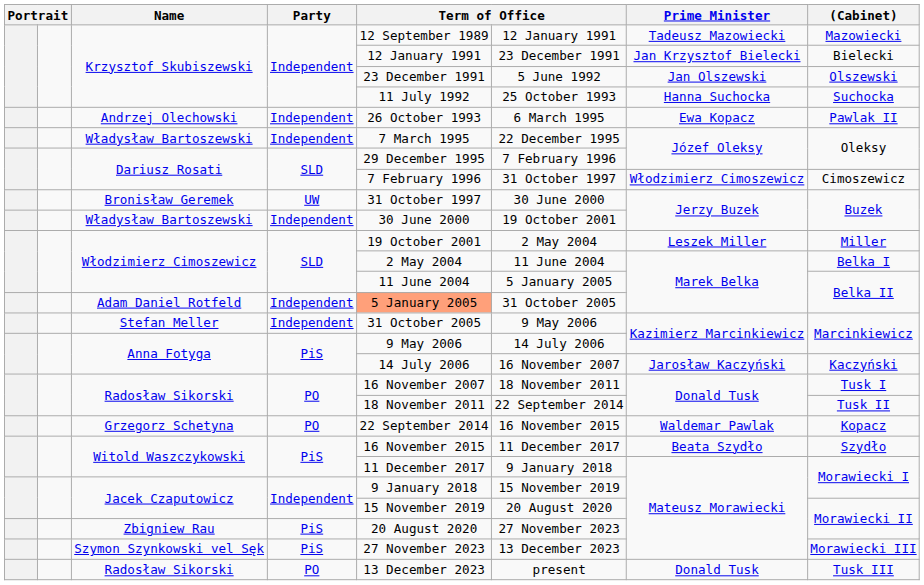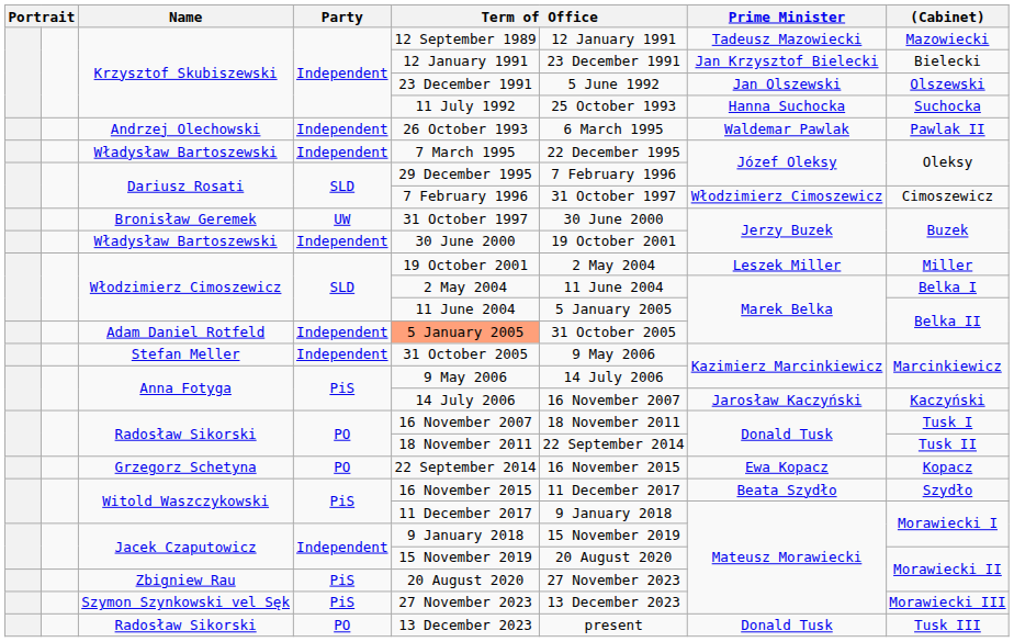 <table class="wikitable" style="text-align:center;">
 <tr>
 <th colspan=2>Portrait</th>
 <th>Name<br></th>
 <th>Party</th>
 <th colspan=2>Term of Office</th>
 <th><a href='#'>Prime Minister</a></th>
 <th>(Cabinet)</th>
 </tr>
 <tr>
 <th rowspan=4 style="background:"></th>
 <td rowspan=4></td>
 <td rowspan=4><a href='#'>Krzysztof Skubiszewski</a><br></td>
 <td rowspan=4><a href='#'>Independent</a></td>
 <td>12 September 1989</td>
 <td>12 January 1991</td>
 <td><a href='#'>Tadeusz Mazowiecki</a></td>
 <td><a href='#'>Mazowiecki</a></td>
 </tr>
 <tr>
 <td>12 January 1991</td>
 <td>23 December 1991</td>
 <td><a href='#'>Jan Krzysztof Bielecki</a></td>
 <td>Bielecki</td>
 </tr>
 <tr>
 <td>23 December 1991</td>
 <td>5 June 1992</td>
 <td><a href='#'>Jan Olszewski</a></td>
 <td><a href='#'>Olszewski</a></td>
 </tr>
 <tr>
 <td>11 July 1992</td>
 <td>25 October 1993</td>
 <td><a href='#'>Hanna Suchocka</a></td>
 <td><a href='#'>Suchocka</a></td>
 </tr>
 <tr>
 <th style="background:"></th>
 <td></td>
 <td><a href='#'>Andrzej Olechowski</a><br></td>
 <td><a href='#'>Independent</a></td>
 <td>26 October 1993</td>
 <td>6 March 1995</td>
-<td><a href='#'>Ewa Kopacz</a></td>
+<td><a href='#'>Waldemar Pawlak</a></td>
 <td><a href='#'>Pawlak II</a></td>
 </tr>
 <tr>
 <th style="background:"></th>
 <td></td>
 <td><a href='#'>Władysław Bartoszewski</a><br></td>
 <td><a href='#'>Independent</a></td>
 <td>7 March 1995</td>
 <td>22 December 1995</td>
 <td rowspan=2><a href='#'>Józef Oleksy</a></td>
 <td rowspan=2>Oleksy</td>
 </tr>
 <tr>
 <th rowspan=2 style="background:"></th>
 <td rowspan=2></td>
 <td rowspan=2><a href='#'>Dariusz Rosati</a><br></td>
 <td rowspan=2><a href='#'>SLD</a></td>
 <td>29 December 1995</td>
 <td>7 February 1996</td>
 </tr>
 <tr>
 <td>7 February 1996</td>
 <td>31 October 1997</td>
 <td><a href='#'>Włodzimierz Cimoszewicz</a></td>
 <td>Cimoszewicz</td>
 </tr>
 <tr>
 <th style="background:"></th>
 <td></td>
 <td><a href='#'>Bronisław Geremek</a><br></td>
 <td><a href='#'>UW</a></td>
 <td>31 October 1997</td>
 <td>30 June 2000</td>
 <td rowspan=2><a href='#'>Jerzy Buzek</a></td>
 <td rowspan=2><a href='#'>Buzek</a></td>
 </tr>
 <tr>
 <th style="background:"></th>
 <td></td>
 <td><a href='#'>Władysław Bartoszewski</a><br></td>
 <td><a href='#'>Independent</a></td>
 <td>30 June 2000</td>
 <td>19 October 2001</td>
 </tr>
 <tr>
 <th rowspan=3 style="background:"></th>
 <td rowspan=3></td>
 <td rowspan=3><a href='#'>Włodzimierz Cimoszewicz</a><br></td>
 <td rowspan=3><a href='#'>SLD</a></td>
 <td>19 October 2001</td>
 <td>2 May 2004</td>
 <td><a href='#'>Leszek Miller</a></td>
 <td><a href='#'>Miller</a></td>
 </tr>
 <tr>
 <td>2 May 2004</td>
 <td>11 June 2004</td>
 <td rowspan=3><a href='#'>Marek Belka</a></td>
 <td><a href='#'>Belka I</a></td>
 </tr>
 <tr>
 <td>11 June 2004</td>
 <td>5 January 2005</td>
 <td rowspan=2><a href='#'>Belka II</a></td>
 </tr>
 <tr>
 <th style="background:"></th>
 <td></td>
 <td><a href='#'>Adam Daniel Rotfeld</a><br></td>
 <td><a href='#'>Independent</a></td>
 <td style="background: lightsalmon;">5 January 2005</td>
 <td>31 October 2005</td>
 </tr>
 <tr>
 <th style="background:"></th>
 <td></td>
 <td><a href='#'>Stefan Meller</a><br></td>
 <td><a href='#'>Independent</a></td>
 <td>31 October 2005</td>
 <td>9 May 2006</td>
 <td rowspan=2><a href='#'>Kazimierz Marcinkiewicz</a></td>
 <td rowspan=2><a href='#'>Marcinkiewicz</a></td>
 </tr>
 <tr>
 <th rowspan=2 style="background:"></th>
 <td rowspan=2></td>
 <td rowspan=2><a href='#'>Anna Fotyga</a><br></td>
 <td rowspan=2><a href='#'>PiS</a></td>
 <td>9 May 2006</td>
 <td>14 July 2006</td>
 </tr>
 <tr>
 <td>14 July 2006</td>
 <td>16 November 2007</td>
 <td><a href='#'>Jarosław Kaczyński</a></td>
 <td><a href='#'>Kaczyński</a></td>
 </tr>
 <tr>
 <th rowspan=2 style="background:"></th>
 <td rowspan=2></td>
 <td rowspan=2><a href='#'>Radosław Sikorski</a><br></td>
 <td rowspan=2><a href='#'>PO</a></td>
 <td>16 November 2007</td>
 <td>18 November 2011</td>
 <td rowspan=2><a href='#'>Donald Tusk</a></td>
 <td><a href='#'>Tusk I</a></td>
 </tr>
 <tr>
 <td>18 November 2011</td>
 <td>22 September 2014</td>
 <td><a href='#'>Tusk II</a></td>
 </tr>
 <tr>
 <th style="background:"></th>
 <td></td>
 <td><a href='#'>Grzegorz Schetyna</a><br></td>
 <td><a href='#'>PO</a></td>
 <td>22 September 2014</td>
 <td>16 November 2015</td>
-<td><a href='#'>Waldemar Pawlak</a></td>
+<td><a href='#'>Ewa Kopacz</a></td>
 <td><a href='#'>Kopacz</a></td>
 </tr>
 <tr>
 <th rowspan=2 style="background:"></th>
 <td rowspan=2></td>
 <td rowspan=2><a href='#'>Witold Waszczykowski</a><br></td>
 <td rowspan=2><a href='#'>PiS</a></td>
 <td>16 November 2015</td>
 <td>11 December 2017</td>
 <td><a href='#'>Beata Szydło</a></td>
 <td><a href='#'>Szydło</a></td>
 </tr>
 <tr>
 <td>11 December 2017</td>
 <td>9 January 2018</td>
 <td rowspan=5><a href='#'>Mateusz Morawiecki</a></td>
 <td rowspan=2><a href='#'>Morawiecki I</a></td>
 </tr>
 <tr>
 <th rowspan=2 style="background:"></th>
 <td rowspan=2></td>
 <td rowspan=2><a href='#'>Jacek Czaputowicz</a><br></td>
 <td rowspan=2><a href='#'>Independent</a></td>
 <td>9 January 2018</td>
 <td>15 November 2019</td>
 </tr>
 <tr>
 <td>15 November 2019</td>
 <td>20 August 2020</td>
 <td rowspan=2><a href='#'>Morawiecki II</a></td>
 </tr>
 <tr>
 <th style="background:"></th>
 <td></td>
 <td><a href='#'>Zbigniew Rau</a><br></td>
 <td><a href='#'>PiS</a></td>
 <td>20 August 2020</td>
 <td>27 November 2023</td>
 </tr>
 <tr>
 <th style="background:"></th>
 <td></td>
 <td><a href='#'>Szymon Szynkowski vel Sęk</a><br></td>
 <td><a href='#'>PiS</a></td>
 <td>27 November 2023</td>
 <td>13 December 2023</td>
 <td><a href='#'>Morawiecki III</a></td>
 </tr>
 <tr>
 <th style="background:"></th>
 <td></td>
 <td><a href='#'>Radosław Sikorski</a><br></td>
 <td><a href='#'>PO</a></td>
 <td>13 December 2023</td>
 <td>present</td>
 <td><a href='#'>Donald Tusk</a></td>
 <td><a href='#'>Tusk III</a></td>
 </tr>
 </table>
